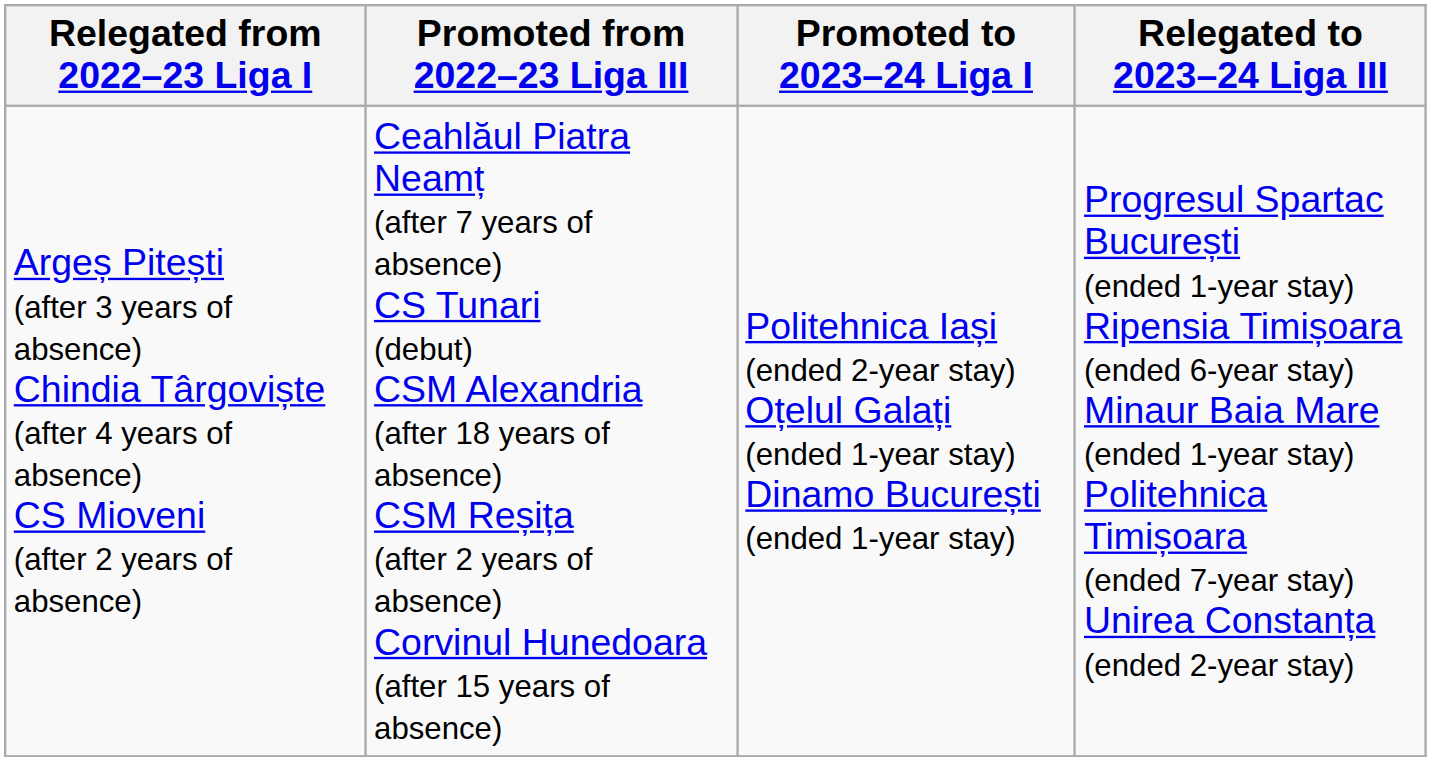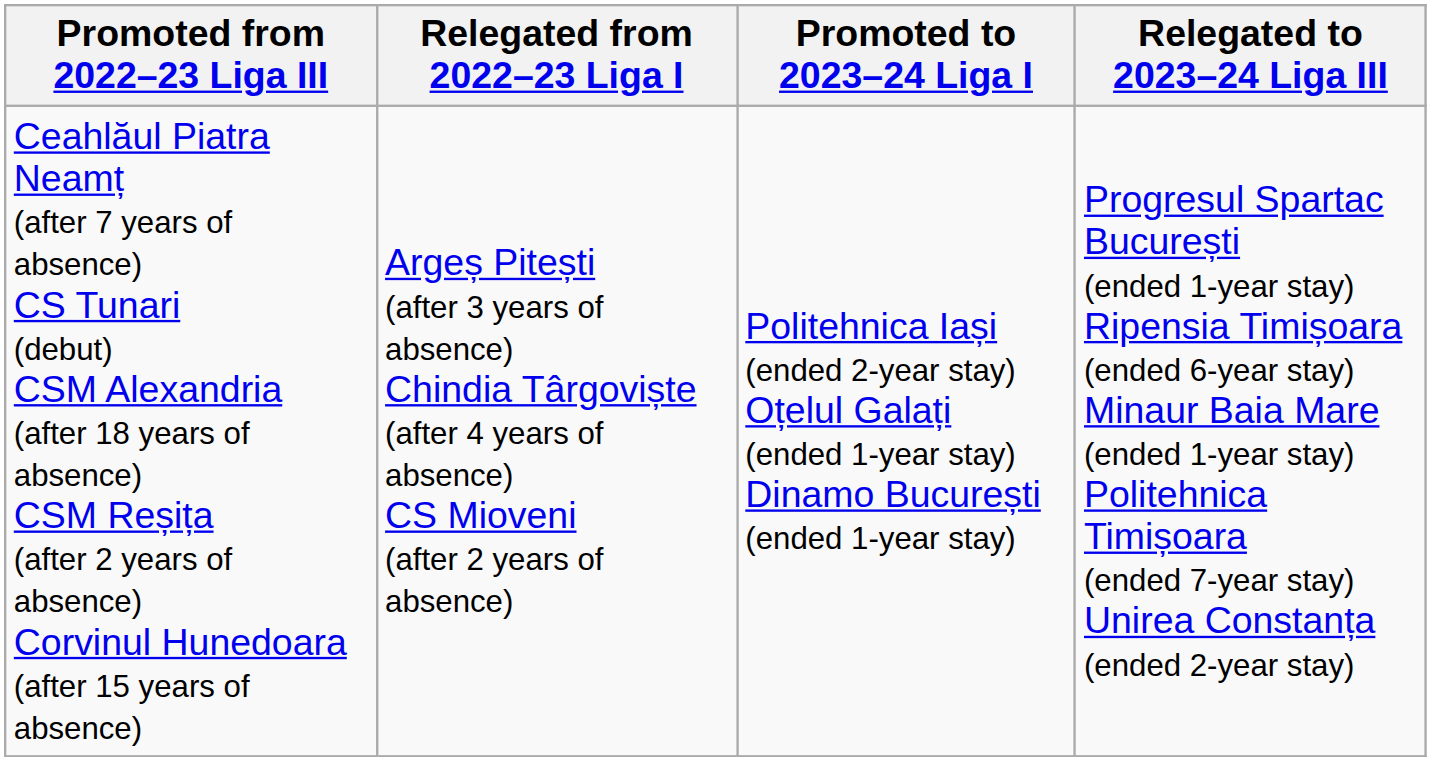 <table class="wikitable">
 <tr>
+<th>Promoted from <a href='#'>2022–23 Liga III</a></th>
 <th>Relegated from <a href='#'>2022–23 Liga I</a></th>
-<th>Promoted from <a href='#'>2022–23 Liga III</a></th>
 <th>Promoted to <a href='#'>2023–24 Liga I</a></th>
 <th>Relegated to <a href='#'>2023–24 Liga III</a></th>
 </tr>
 <tr>
+<td><a href='#'>Ceahlăul Piatra Neamț</a><br><small>(after 7 years of absence)</small> <br> <a href='#'>CS Tunari</a> <br><small>(debut)</small> <br> <a href='#'>CSM Alexandria</a> <br><small>(after 18 years of absence)</small> <br> <a href='#'>CSM Reșița</a> <br><small>(after 2 years of absence)</small> <br> <a href='#'>Corvinul Hunedoara</a> <br><small>(after 15 years of absence)</small></td>
 <td><a href='#'>Argeș Pitești</a><br> <small>(after 3 years of absence)</small> <br> <a href='#'>Chindia Târgoviște</a><br> <small>(after 4 years of absence)</small><br> <a href='#'>CS Mioveni</a><br> <small>(after 2 years of absence)</small></td>
-<td><a href='#'>Ceahlăul Piatra Neamț</a><br><small>(after 7 years of absence)</small> <br> <a href='#'>CS Tunari</a> <br><small>(debut)</small> <br> <a href='#'>CSM Alexandria</a> <br><small>(after 18 years of absence)</small> <br> <a href='#'>CSM Reșița</a> <br><small>(after 2 years of absence)</small> <br> <a href='#'>Corvinul Hunedoara</a> <br><small>(after 15 years of absence)</small></td>
 <td><a href='#'>Politehnica Iași</a><br> <small>(ended 2-year stay)</small> <br> <a href='#'>Oțelul Galați</a><br> <small>(ended 1-year stay)</small> <br> <a href='#'>Dinamo București</a><br> <small>(ended 1-year stay)</small></td>
 <td><a href='#'>Progresul Spartac București</a><br> <small>(ended 1-year stay)</small><br><a href='#'>Ripensia Timișoara</a><br> <small>(ended 6-year stay)</small><br><a href='#'>Minaur Baia Mare</a><br> <small>(ended 1-year stay)</small><br><a href='#'>Politehnica Timișoara</a><br> <small>(ended 7-year stay)</small><br><a href='#'>Unirea Constanța</a><br> <small>(ended 2-year stay)</small></td>
 </tr>
 </table>
